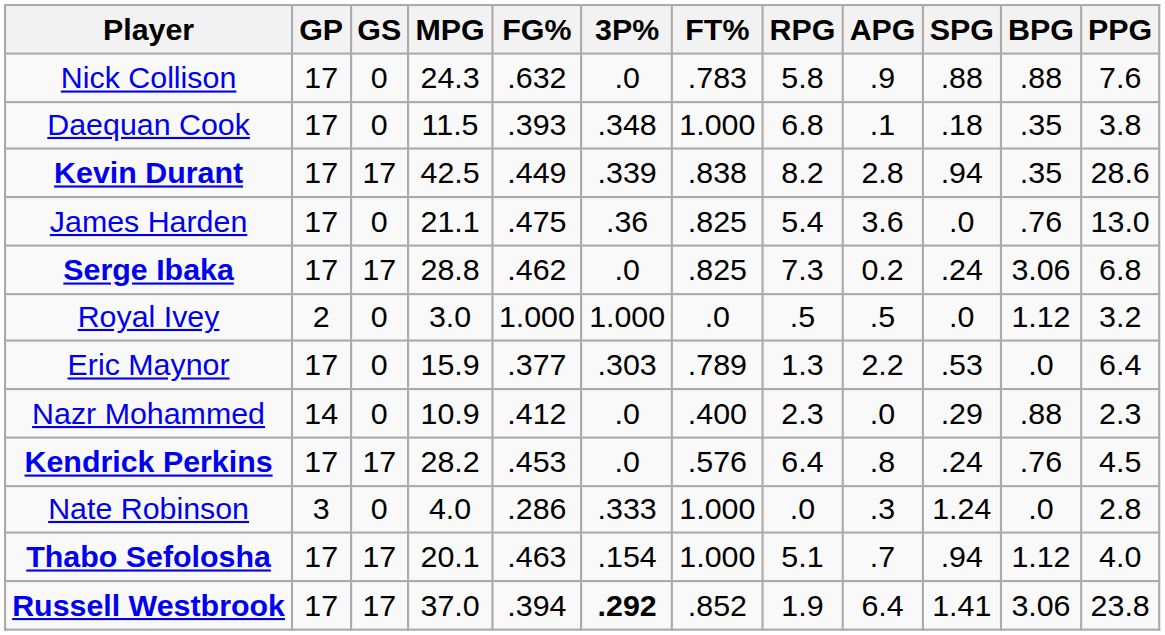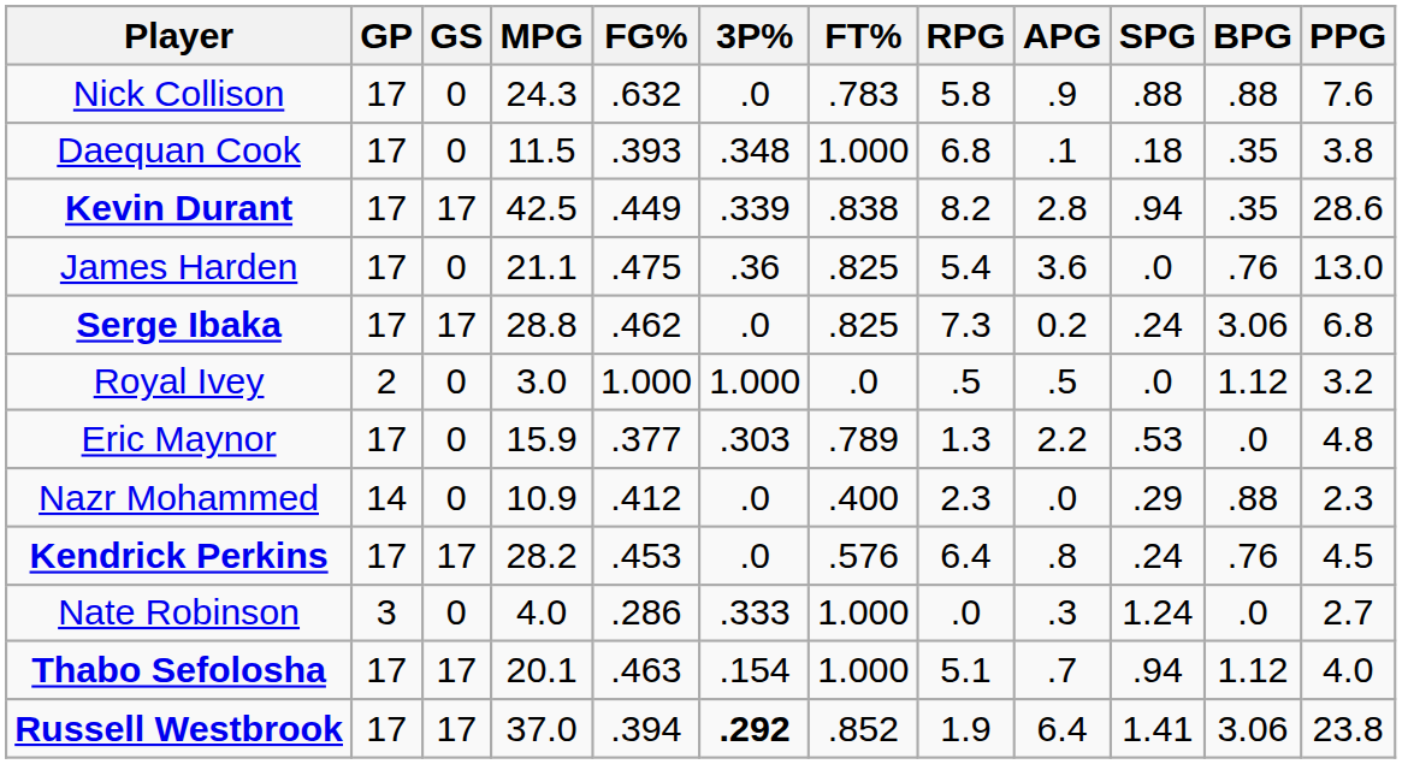 <table class="wikitable sortable" style="font-size: 90%; text-align:center;">
 <tr>
 <th>Player</th>
 <th>GP</th>
 <th>GS</th>
 <th>MPG</th>
 <th>FG%</th>
 <th>3P%</th>
 <th>FT%</th>
 <th>RPG</th>
 <th>APG</th>
 <th>SPG</th>
 <th>BPG</th>
 <th>PPG</th>
 </tr>
 <tr align="center" bgcolor="">
 <td><a href='#'>Nick Collison</a></td>
 <td>17</td>
 <td>0</td>
 <td>24.3</td>
 <td>.632</td>
 <td>.0</td>
 <td>.783</td>
 <td>5.8</td>
 <td>.9</td>
 <td>.88</td>
 <td>.88</td>
 <td>7.6</td>
 </tr>
 <tr align="center" bgcolor="">
 <td><a href='#'>Daequan Cook</a></td>
 <td>17</td>
 <td>0</td>
 <td>11.5</td>
 <td>.393</td>
 <td>.348</td>
 <td>1.000</td>
 <td>6.8</td>
 <td>.1</td>
 <td>.18</td>
 <td>.35</td>
 <td>3.8</td>
 </tr>
 <tr align="center" bgcolor="">
 <td><strong><a href='#'>Kevin Durant</a></strong></td>
 <td>17</td>
 <td>17</td>
 <td>42.5</td>
 <td>.449</td>
 <td>.339</td>
 <td>.838</td>
 <td>8.2</td>
 <td>2.8</td>
 <td>.94</td>
 <td>.35</td>
 <td>28.6</td>
 </tr>
 <tr align="center" bgcolor="">
 <td><a href='#'>James Harden</a></td>
 <td>17</td>
 <td>0</td>
 <td>21.1</td>
 <td>.475</td>
 <td>.36</td>
 <td>.825</td>
 <td>5.4</td>
 <td>3.6</td>
 <td>.0</td>
 <td>.76</td>
 <td>13.0</td>
 </tr>
 <tr align="center" bgcolor="">
 <td><strong><a href='#'>Serge Ibaka</a></strong></td>
 <td>17</td>
 <td>17</td>
 <td>28.8</td>
 <td>.462</td>
 <td>.0</td>
 <td>.825</td>
 <td>7.3</td>
 <td>0.2</td>
 <td>.24</td>
 <td>3.06</td>
 <td>6.8</td>
 </tr>
 <tr align="center" bgcolor="">
 <td><a href='#'>Royal Ivey</a></td>
 <td>2</td>
 <td>0</td>
 <td>3.0</td>
 <td>1.000</td>
 <td>1.000</td>
 <td>.0</td>
 <td>.5</td>
 <td>.5</td>
 <td>.0</td>
 <td>1.12</td>
 <td>3.2</td>
 </tr>
 <tr align="center" bgcolor="">
 <td><a href='#'>Eric Maynor</a></td>
 <td>17</td>
 <td>0</td>
 <td>15.9</td>
 <td>.377</td>
 <td>.303</td>
 <td>.789</td>
 <td>1.3</td>
 <td>2.2</td>
 <td>.53</td>
 <td>.0</td>
-<td>6.4</td>
+<td>4.8</td>
 </tr>
 <tr align="center" bgcolor="">
 <td><a href='#'>Nazr Mohammed</a></td>
 <td>14</td>
 <td>0</td>
 <td>10.9</td>
 <td>.412</td>
 <td>.0</td>
 <td>.400</td>
 <td>2.3</td>
 <td>.0</td>
 <td>.29</td>
 <td>.88</td>
 <td>2.3</td>
 </tr>
 <tr align="center" bgcolor="">
 <td><strong><a href='#'>Kendrick Perkins</a></strong></td>
 <td>17</td>
 <td>17</td>
 <td>28.2</td>
 <td>.453</td>
 <td>.0</td>
 <td>.576</td>
 <td>6.4</td>
 <td>.8</td>
 <td>.24</td>
 <td>.76</td>
 <td>4.5</td>
 </tr>
 <tr align="center" bgcolor="">
 <td><a href='#'>Nate Robinson</a></td>
 <td>3</td>
 <td>0</td>
 <td>4.0</td>
 <td>.286</td>
 <td>.333</td>
 <td>1.000</td>
 <td>.0</td>
 <td>.3</td>
 <td>1.24</td>
 <td>.0</td>
-<td>2.8</td>
+<td>2.7</td>
 </tr>
 <tr align="center" bgcolor="">
 <td><strong><a href='#'>Thabo Sefolosha</a></strong></td>
 <td>17</td>
 <td>17</td>
 <td>20.1</td>
 <td>.463</td>
 <td>.154</td>
 <td>1.000</td>
 <td>5.1</td>
 <td>.7</td>
 <td>.94</td>
 <td>1.12</td>
 <td>4.0</td>
 </tr>
 <tr align="center" bgcolor="">
 <td><strong><a href='#'>Russell Westbrook</a></strong></td>
 <td>17</td>
 <td>17</td>
 <td>37.0</td>
 <td>.394</td>
 <td><strong>.292</strong></td>
 <td>.852</td>
 <td>1.9</td>
 <td>6.4</td>
 <td>1.41</td>
 <td>3.06</td>
 <td>23.8</td>
 </tr>
 </table>
